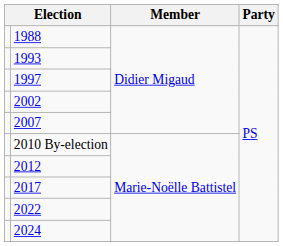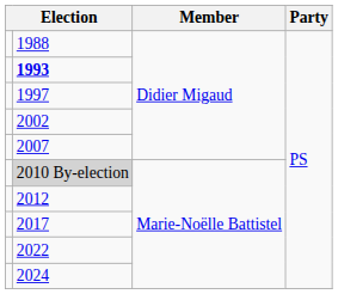 <table class="wikitable">
 <tr>
 <th colspan="2">Election</th>
 <th>Member</th>
 <th>Party</th>
 </tr>
 <tr>
 <td style="color:inherit;background-color:"></td>
 <td><a href='#'>1988</a></td>
 <td rowspan="5"><a href='#'>Didier Migaud</a><br>   </td>
 <td rowspan="10"><a href='#'>PS</a></td>
 </tr>
 <tr>
 <td style="color:inherit;background-color:"></td>
-<td><a href='#'>1993</a></td>
+<td><strong><a href='#'>1993</a></strong></td>
 </tr>
 <tr>
 <td style="color:inherit;background-color:"></td>
 <td><a href='#'>1997</a></td>
 </tr>
 <tr>
 <td style="color:inherit;background-color:"></td>
 <td><a href='#'>2002</a></td>
 </tr>
 <tr>
 <td style="color:inherit;background-color:"></td>
 <td><a href='#'>2007</a></td>
 </tr>
 <tr>
 <td style="color:inherit;background-color:"></td>
-<td>2010 By-election</td>
+<td style="background: lightgrey;">2010 By-election</td>
 <td rowspan="5"><a href='#'>Marie-Noëlle Battistel</a><br></td>
 </tr>
 <tr>
 <td style="color:inherit;background-color:"></td>
 <td><a href='#'>2012</a></td>
 </tr>
 <tr>
 <td style="color:inherit;background-color:"></td>
 <td><a href='#'>2017</a></td>
 </tr>
 <tr>
 <td style="color:inherit;background-color:"></td>
 <td><a href='#'>2022</a></td>
 </tr>
 <tr>
 <td style="color:inherit;background-color:"></td>
 <td><a href='#'>2024</a></td>
 </tr>
 </table>
